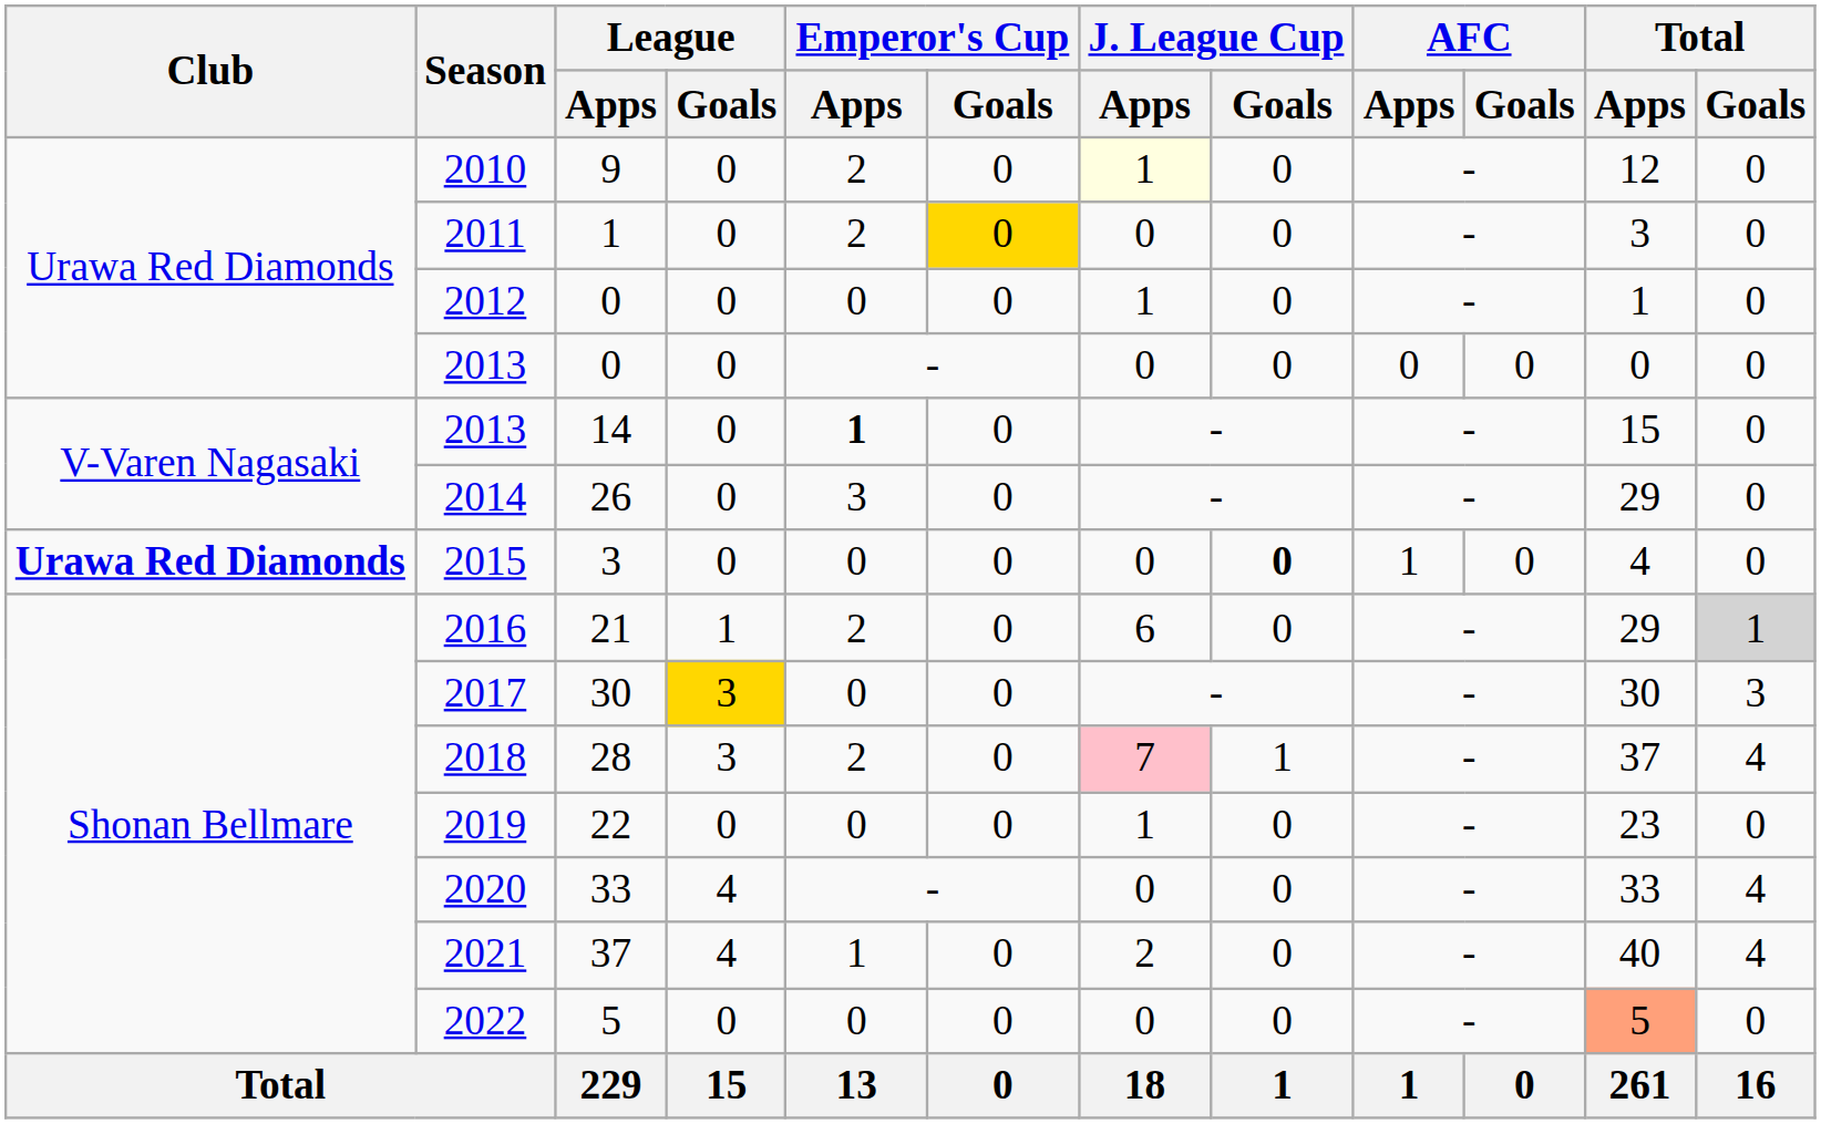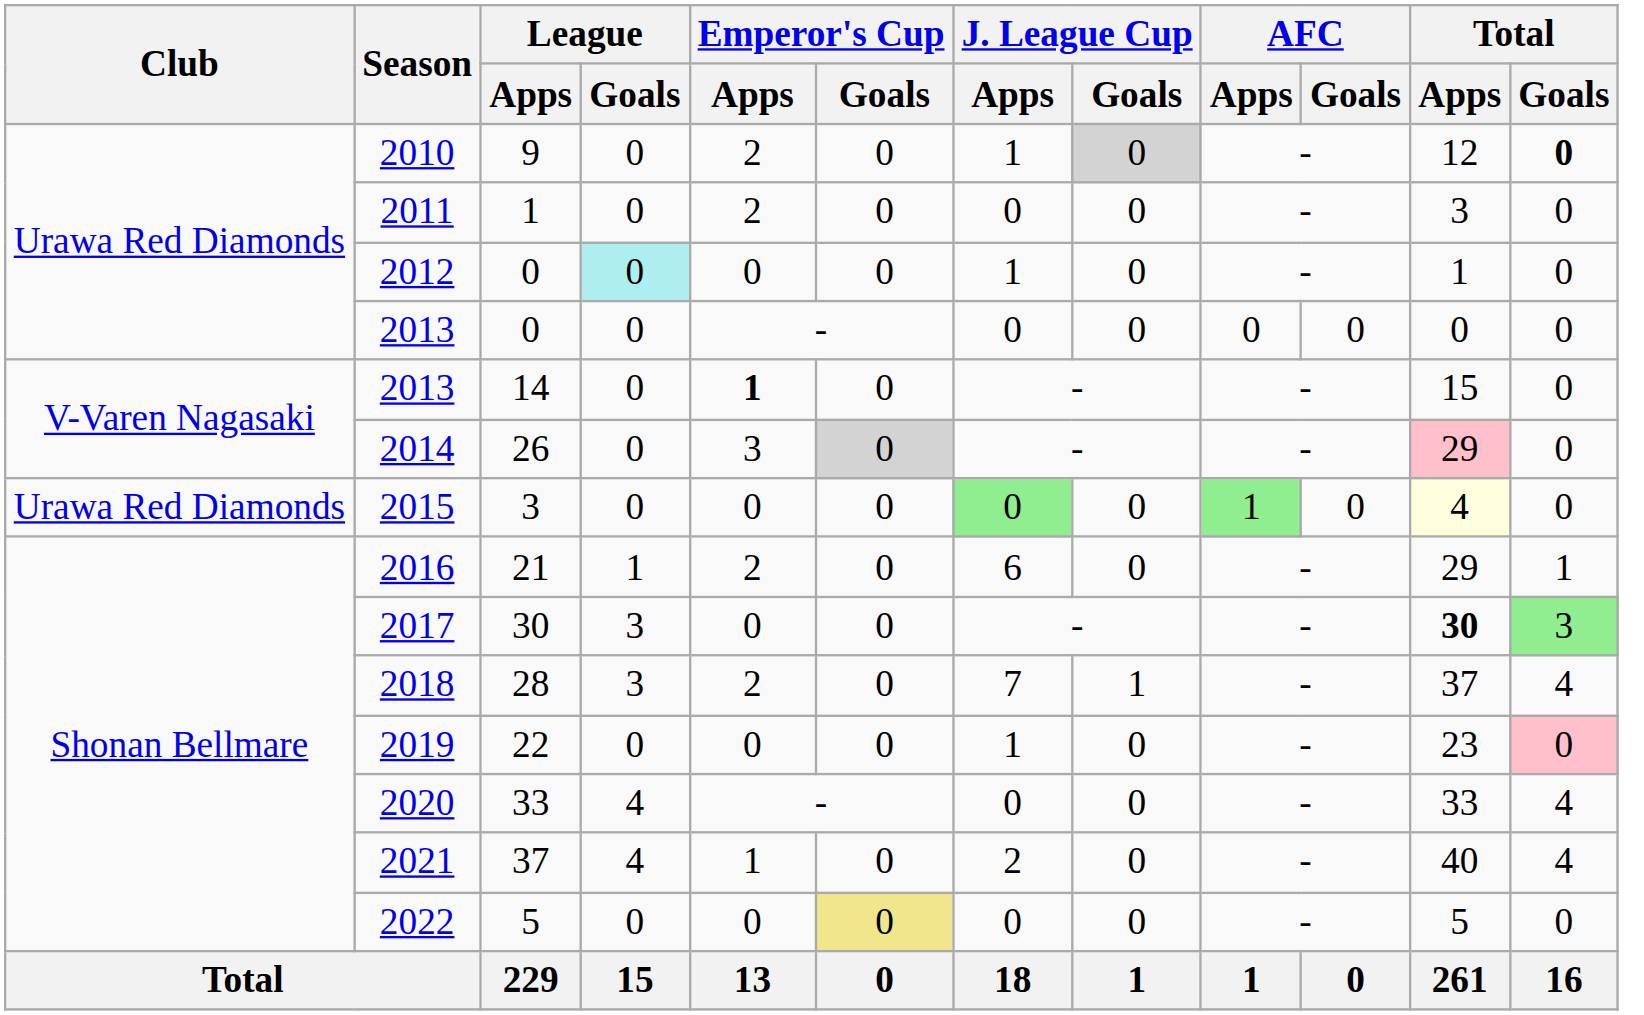 <table class="wikitable" style="text-align:center;">
 <tr>
 <th rowspan="2">Club</th>
 <th rowspan="2">Season</th>
 <th colspan="2">League</th>
 <th colspan="2"><a href='#'>Emperor's Cup</a></th>
 <th colspan="2"><a href='#'>J. League Cup</a></th>
 <th colspan="2"><a href='#'>AFC</a></th>
 <th colspan="2">Total</th>
 </tr>
 <tr>
 <th>Apps</th>
 <th>Goals</th>
 <th>Apps</th>
 <th>Goals</th>
 <th>Apps</th>
 <th>Goals</th>
 <th>Apps</th>
 <th>Goals</th>
 <th>Apps</th>
 <th>Goals</th>
 </tr>
 <tr>
 <td rowspan="4"><a href='#'>Urawa Red Diamonds</a></td>
 <td><a href='#'>2010</a></td>
 <td>9</td>
 <td>0</td>
 <td>2</td>
 <td>0</td>
-<td style="background: lightyellow;">1</td>
-<td>0</td>
+<td>1</td>
+<td style="background: lightgrey;">0</td>
 <td colspan="2">-</td>
 <td>12</td>
-<td>0</td>
+<td><strong>0</strong></td>
 </tr>
 <tr>
 <td><a href='#'>2011</a></td>
 <td>1</td>
 <td>0</td>
 <td>2</td>
-<td style="background: gold;">0</td>
+<td>0</td>
 <td>0</td>
 <td>0</td>
 <td colspan="2">-</td>
 <td>3</td>
 <td>0</td>
 </tr>
 <tr>
 <td><a href='#'>2012</a></td>
 <td>0</td>
-<td>0</td>
+<td style="background: paleturquoise;">0</td>
 <td>0</td>
 <td>0</td>
 <td>1</td>
 <td>0</td>
 <td colspan="2">-</td>
 <td>1</td>
 <td>0</td>
 </tr>
 <tr>
 <td><a href='#'>2013</a></td>
 <td>0</td>
 <td>0</td>
 <td colspan="2">-</td>
 <td>0</td>
 <td>0</td>
 <td>0</td>
 <td>0</td>
 <td>0</td>
 <td>0</td>
 </tr>
 <tr>
 <td rowspan="2"><a href='#'>V-Varen Nagasaki</a></td>
 <td><a href='#'>2013</a></td>
 <td>14</td>
 <td>0</td>
 <td><strong>1</strong></td>
 <td>0</td>
 <td colspan="2">-</td>
 <td colspan="2">-</td>
 <td>15</td>
 <td>0</td>
 </tr>
 <tr>
 <td><a href='#'>2014</a></td>
 <td>26</td>
 <td>0</td>
 <td>3</td>
-<td>0</td>
+<td style="background: lightgrey;">0</td>
 <td colspan="2">-</td>
 <td colspan="2">-</td>
-<td>29</td>
+<td style="background: pink;">29</td>
 <td>0</td>
 </tr>
 <tr>
-<td><strong><a href='#'>Urawa Red Diamonds</a></strong></td>
+<td><a href='#'>Urawa Red Diamonds</a></td>
 <td><a href='#'>2015</a></td>
 <td>3</td>
 <td>0</td>
 <td>0</td>
 <td>0</td>
+<td style="background: lightgreen;">0</td>
 <td>0</td>
-<td><strong>0</strong></td>
-<td>1</td>
+<td style="background: lightgreen;">1</td>
 <td>0</td>
-<td>4</td>
+<td style="background: lightyellow;">4</td>
 <td>0</td>
 </tr>
 <tr>
 <td rowspan="7"><a href='#'>Shonan Bellmare</a></td>
 <td><a href='#'>2016</a></td>
 <td>21</td>
 <td>1</td>
 <td>2</td>
 <td>0</td>
 <td>6</td>
 <td>0</td>
 <td colspan="2">-</td>
 <td>29</td>
-<td style="background: lightgrey;">1</td>
+<td>1</td>
 </tr>
 <tr>
 <td><a href='#'>2017</a></td>
 <td>30</td>
-<td style="background: gold;">3</td>
+<td>3</td>
 <td>0</td>
 <td>0</td>
 <td colspan="2">-</td>
 <td colspan="2">-</td>
-<td>30</td>
-<td>3</td>
+<td><strong>30</strong></td>
+<td style="background: lightgreen;">3</td>
 </tr>
 <tr>
 <td><a href='#'>2018</a></td>
 <td>28</td>
 <td>3</td>
 <td>2</td>
 <td>0</td>
-<td style="background: pink;">7</td>
+<td>7</td>
 <td>1</td>
 <td colspan="2">-</td>
 <td>37</td>
 <td>4</td>
 </tr>
 <tr>
 <td><a href='#'>2019</a></td>
 <td>22</td>
 <td>0</td>
 <td>0</td>
 <td>0</td>
 <td>1</td>
 <td>0</td>
 <td colspan="2">-</td>
 <td>23</td>
-<td>0</td>
+<td style="background: pink;">0</td>
 </tr>
 <tr>
 <td><a href='#'>2020</a></td>
 <td>33</td>
 <td>4</td>
 <td colspan="2">-</td>
 <td>0</td>
 <td>0</td>
 <td colspan="2">-</td>
 <td>33</td>
 <td>4</td>
 </tr>
 <tr>
 <td><a href='#'>2021</a></td>
 <td>37</td>
 <td>4</td>
 <td>1</td>
 <td>0</td>
 <td>2</td>
 <td>0</td>
 <td colspan="2">-</td>
 <td>40</td>
 <td>4</td>
 </tr>
 <tr>
 <td><a href='#'>2022</a></td>
 <td>5</td>
 <td>0</td>
 <td>0</td>
-<td>0</td>
+<td style="background: khaki;">0</td>
 <td>0</td>
 <td>0</td>
 <td colspan="2">-</td>
-<td style="background: lightsalmon;">5</td>
+<td>5</td>
 <td>0</td>
 </tr>
 <tr>
 <th colspan="2">Total</th>
 <th>229</th>
 <th>15</th>
 <th>13</th>
 <th>0</th>
 <th>18</th>
 <th>1</th>
 <th>1</th>
 <th>0</th>
 <th>261</th>
 <th>16</th>
 </tr>
 </table>
